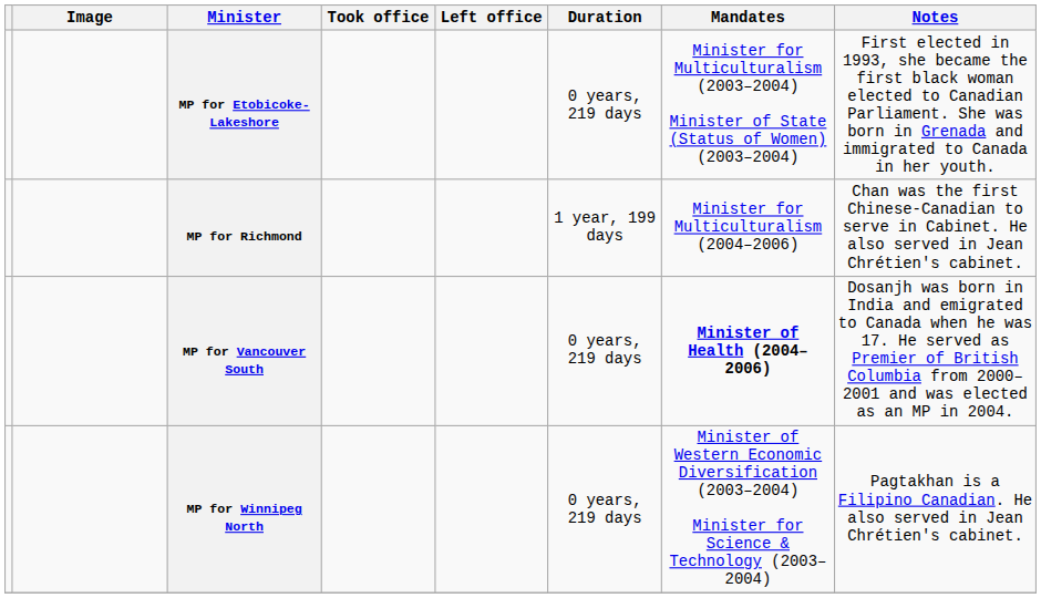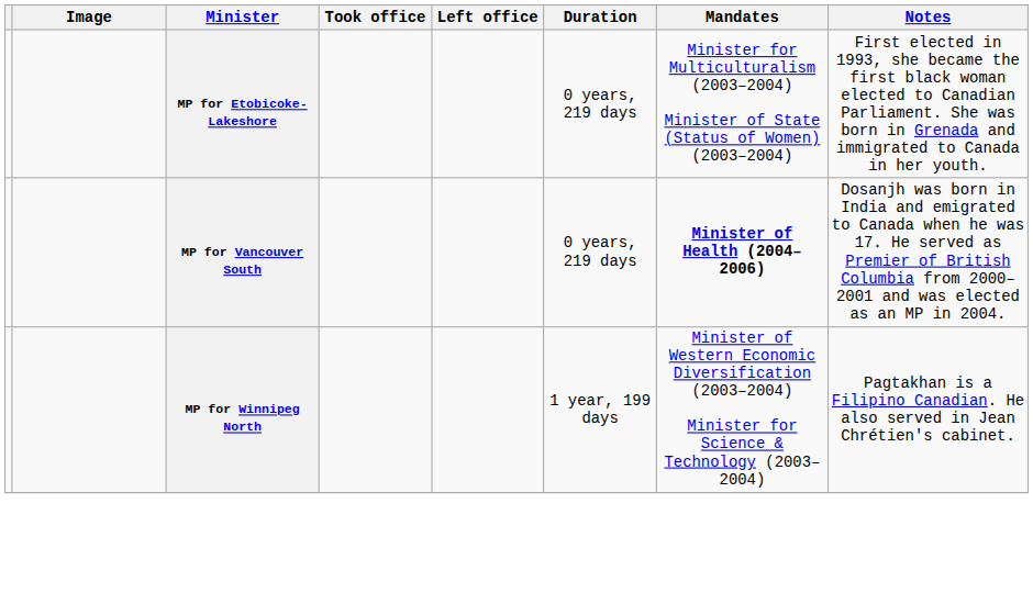 <table class="wikitable sortable plainrowheaders" style="text-align: center;">
 <tr>
 <th scope="col" class=unsortable></th>
 <th scope="col" class=unsortable>Image</th>
 <th scope="col"><a href='#'>Minister</a></th>
 <th scope="col" width=90px>Took office</th>
 <th scope="col" width=90px>Left office</th>
 <th scope="col" width=90px>Duration</th>
 <th scope="col" width=140px>Mandates</th>
 <th scope="col" width=165px><a href='#'>Notes</a></th>
 </tr>
 <tr>
 <td style="background: "></td>
 <td style="width:15%;"></td>
 <th scope="row" style="text-align:center; width:15%;"><br><small>MP for <a href='#'>Etobicoke-Lakeshore</a></small></th>
 <td></td>
 <td></td>
 <td>0 years, 219 days</td>
 <td><a href='#'>Minister for Multiculturalism</a> (2003–2004) <br> <br> <a href='#'>Minister of State (Status of Women)</a> (2003–2004)</td>
 <td>First elected in 1993, she became the first black woman elected to Canadian Parliament. She was born in <a href='#'>Grenada</a> and immigrated to Canada in her youth.</td>
 </tr>
 <tr>
 <td style="background: "></td>
 <td style="width:15%;"></td>
-<th scope="row" style="text-align:center; width:15%;"><br><small>MP for Richmond</small></th>
-<td></td>
-<td></td>
-<td>1 year, 199 days</td>
-<td><a href='#'>Minister for Multiculturalism</a> (2004–2006)</td>
-<td>Chan was the first Chinese-Canadian to serve in Cabinet. He also served in Jean Chrétien's cabinet.</td>
-</tr>
-<tr>
-<td style="background: "></td>
-<td style="width:15%;"></td>
 <th scope="row" style="text-align:center; width:15%;"><br><small>MP for <a href='#'>Vancouver South</a></small></th>
 <td></td>
 <td></td>
 <td>0 years, 219 days</td>
 <td><strong><a href='#'>Minister of Health</a> (2004–2006)</strong></td>
 <td>Dosanjh was born in India and emigrated to Canada when he was 17. He served as <a href='#'>Premier of British Columbia</a> from 2000–2001 and was elected as an MP in 2004.</td>
 </tr>
 <tr>
 <td style="background: "></td>
 <td style="width:15%;"></td>
 <th scope="row" style="text-align:center; width:15%;"><br><small>MP for <a href='#'>Winnipeg North</a></small></th>
 <td></td>
 <td></td>
-<td>0 years, 219 days</td>
+<td>1 year, 199 days</td>
 <td><a href='#'>Minister of Western Economic Diversification</a> (2003–2004) <br> <br> <a href='#'>Minister for Science & Technology</a> (2003–2004)</td>
 <td>Pagtakhan is a <a href='#'>Filipino Canadian</a>. He also served in Jean Chrétien's cabinet.</td>
 </tr>
 <tr>
 </tr>
 </table>
